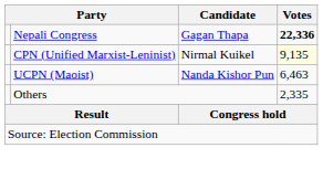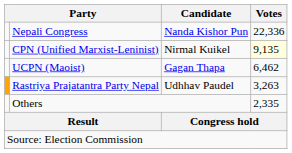 <table class="wikitable">
 <tr>
 <th colspan="2">Party</th>
 <th>Candidate</th>
 <th>Votes</th>
 </tr>
 <tr>
 <td style="background-color:"></td>
 <td><a href='#'>Nepali Congress</a></td>
-<td><a href='#'>Gagan Thapa</a></td>
-<td><strong>22,336</strong></td>
+<td><a href='#'>Nanda Kishor Pun</a></td>
+<td>22,336</td>
 </tr>
 <tr>
 <td style="background-color:"></td>
 <td><a href='#'>CPN (Unified Marxist-Leninist)</a></td>
 <td>Nirmal Kuikel</td>
 <td style="background: lightyellow;">9,135</td>
 </tr>
 <tr>
 <td style="background-color:"></td>
 <td><a href='#'>UCPN (Maoist)</a></td>
-<td><a href='#'>Nanda Kishor Pun</a></td>
-<td>6,463</td>
+<td><a href='#'>Gagan Thapa</a></td>
+<td>6,462</td>
+</tr>
+<tr>
+<td style="background-color:orange"></td>
+<td><a href='#'>Rastriya Prajatantra Party Nepal</a></td>
+<td>Udhhav Paudel</td>
+<td>3,263</td>
 </tr>
 <tr>
 <td></td>
 <td colspan="2">Others</td>
 <td>2,335</td>
 </tr>
 <tr>
 <th colspan="2">Result</th>
 <th colspan="2">Congress hold</th>
 </tr>
 <tr>
 <td colspan="4">Source: Election Commission</td>
 </tr>
 </table>
